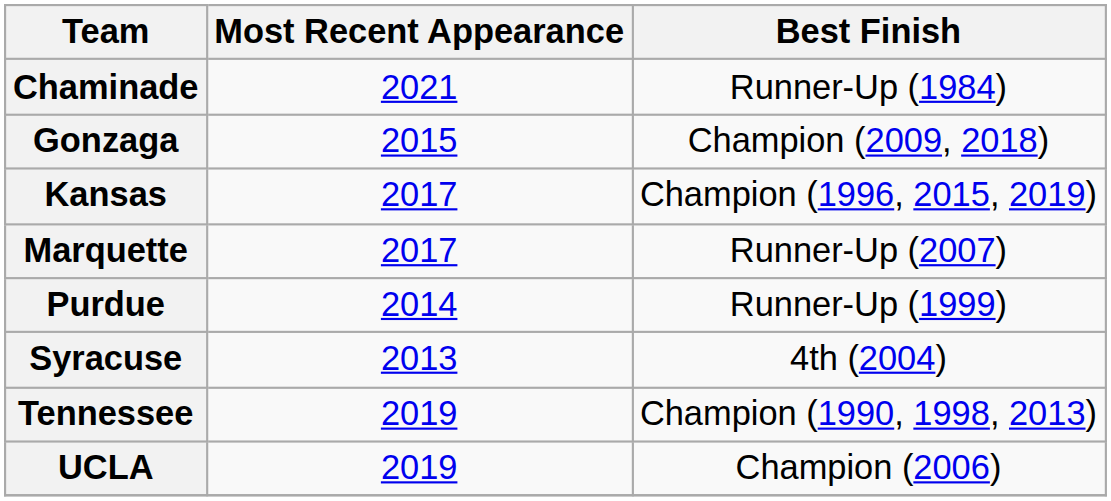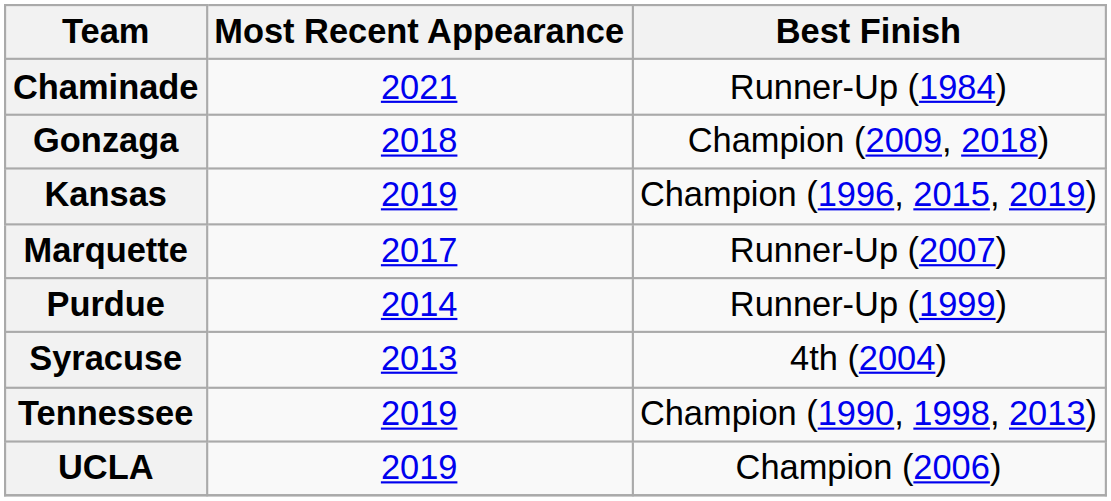 <table class="wikitable">
 <tr>
 <th>Team</th>
 <th>Most Recent Appearance</th>
 <th>Best Finish</th>
 </tr>
 <tr style="text-align:center;">
 <th>Chaminade</th>
 <td><a href='#'>2021</a></td>
 <td>Runner-Up (<a href='#'>1984</a>)</td>
 </tr>
 <tr style="text-align:center;">
 <th>Gonzaga</th>
-<td><a href='#'>2015</a></td>
+<td><a href='#'>2018</a></td>
 <td>Champion (<a href='#'>2009</a>, <a href='#'>2018</a>)</td>
 </tr>
 <tr style="text-align:center;">
 <th>Kansas</th>
-<td><a href='#'>2017</a></td>
+<td><a href='#'>2019</a></td>
 <td>Champion (<a href='#'>1996</a>, <a href='#'>2015</a>, <a href='#'>2019</a>)</td>
 </tr>
 <tr style="text-align:center;">
 <th>Marquette</th>
 <td><a href='#'>2017</a></td>
 <td>Runner-Up (<a href='#'>2007</a>)</td>
 </tr>
 <tr style="text-align:center;">
 <th>Purdue</th>
 <td><a href='#'>2014</a></td>
 <td>Runner-Up (<a href='#'>1999</a>)</td>
 </tr>
 <tr style="text-align:center;">
 <th>Syracuse</th>
 <td><a href='#'>2013</a></td>
 <td>4th (<a href='#'>2004</a>)</td>
 </tr>
 <tr style="text-align:center;">
 <th>Tennessee</th>
 <td><a href='#'>2019</a></td>
 <td>Champion (<a href='#'>1990</a>, <a href='#'>1998</a>, <a href='#'>2013</a>)</td>
 </tr>
 <tr style="text-align:center;">
 <th>UCLA</th>
 <td><a href='#'>2019</a></td>
 <td>Champion (<a href='#'>2006</a>)</td>
 </tr>
 <tr>
 </tr>
 </table>
